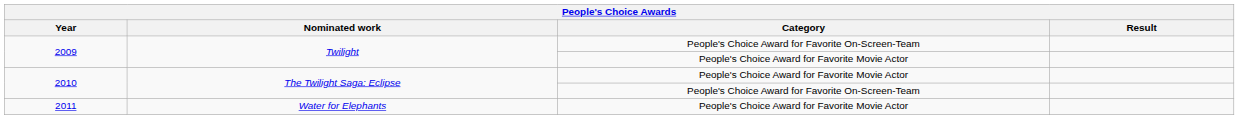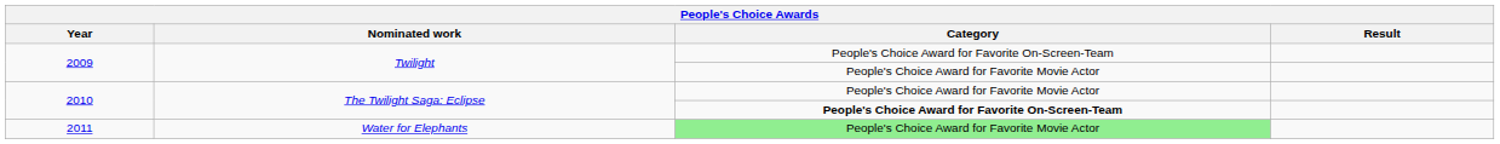 <table width="100%" class="wikitable">
 <tr>
 <th colspan="4" align="center"><strong><a href='#'>People's Choice Awards</a></strong></th>
 </tr>
 <tr>
 <th width="10%">Year</th>
 <th width="35%">Nominated work</th>
 <th width="40%">Category</th>
 <th width="15%">Result</th>
 </tr>
 <tr>
 <td rowspan="2" style="text-align:center;"><a href='#'>2009</a></td>
 <td rowspan="2" style="text-align:center;"><em><a href='#'>Twilight</a></em></td>
 <td style="text-align:center;">People's Choice Award for Favorite On-Screen-Team </td>
 <td></td>
 </tr>
 <tr>
 <td style="text-align:center;">People's Choice Award for Favorite Movie Actor</td>
 <td></td>
 </tr>
 <tr>
 <td rowspan="2" style="text-align:center;"><a href='#'>2010</a></td>
 <td rowspan="2" style="text-align:center;"><em><a href='#'>The Twilight Saga: Eclipse</a></em></td>
 <td style="text-align:center;">People's Choice Award for Favorite Movie Actor</td>
 <td></td>
 </tr>
 <tr>
-<td style="text-align:center;">People's Choice Award for Favorite On-Screen-Team </td>
+<td style="text-align:center;"><strong>People's Choice Award for Favorite On-Screen-Team </strong></td>
 <td></td>
 </tr>
 <tr>
 <td rowspan="2" style="text-align:center;"><a href='#'>2011</a></td>
 <td rowspan="2" style="text-align:center;"><em><a href='#'>Water for Elephants</a></em></td>
-<td style="text-align:center;">People's Choice Award for Favorite Movie Actor</td>
+<td style="background: lightgreen; text-align:center;">People's Choice Award for Favorite Movie Actor</td>
 <td></td>
 </tr>
 </table>
